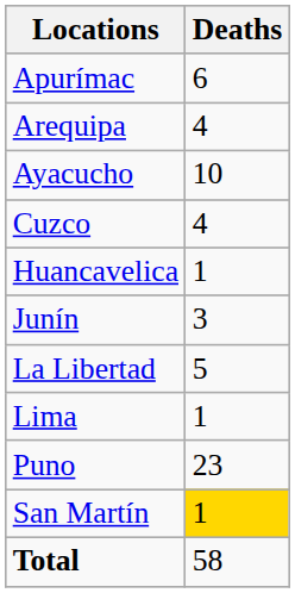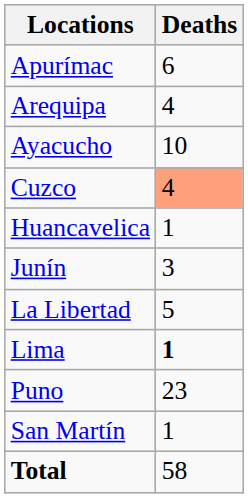 <table class="wikitable sortable floatright">
 <tr>
 <th>Locations</th>
 <th>Deaths</th>
 </tr>
 <tr>
 <td> <a href='#'>Apurímac</a></td>
 <td>6</td>
 </tr>
 <tr>
 <td> <a href='#'>Arequipa</a></td>
 <td>4</td>
 </tr>
 <tr>
 <td> <a href='#'>Ayacucho</a></td>
 <td>10</td>
 </tr>
 <tr>
 <td> <a href='#'>Cuzco</a></td>
-<td>4</td>
+<td style="background: lightsalmon;">4</td>
 </tr>
 <tr>
 <td> <a href='#'>Huancavelica</a></td>
 <td>1</td>
 </tr>
 <tr>
 <td> <a href='#'>Junín</a></td>
 <td>3</td>
 </tr>
 <tr>
 <td> <a href='#'>La Libertad</a></td>
 <td>5</td>
 </tr>
 <tr>
 <td> <a href='#'>Lima</a></td>
-<td>1</td>
+<td><strong>1</strong></td>
 </tr>
 <tr>
 <td> <a href='#'>Puno</a></td>
 <td>23</td>
 </tr>
 <tr>
 <td> <a href='#'>San Martín</a></td>
-<td style="background: gold;">1</td>
+<td>1</td>
 </tr>
 <tr>
 <td><strong>Total</strong></td>
 <td>58</td>
 </tr>
 </table>
